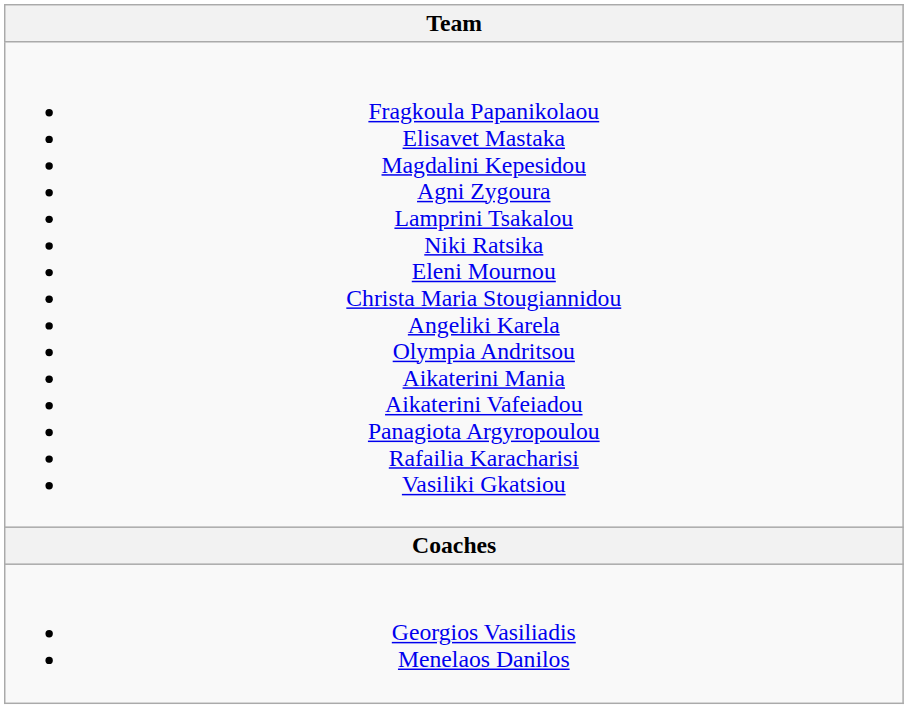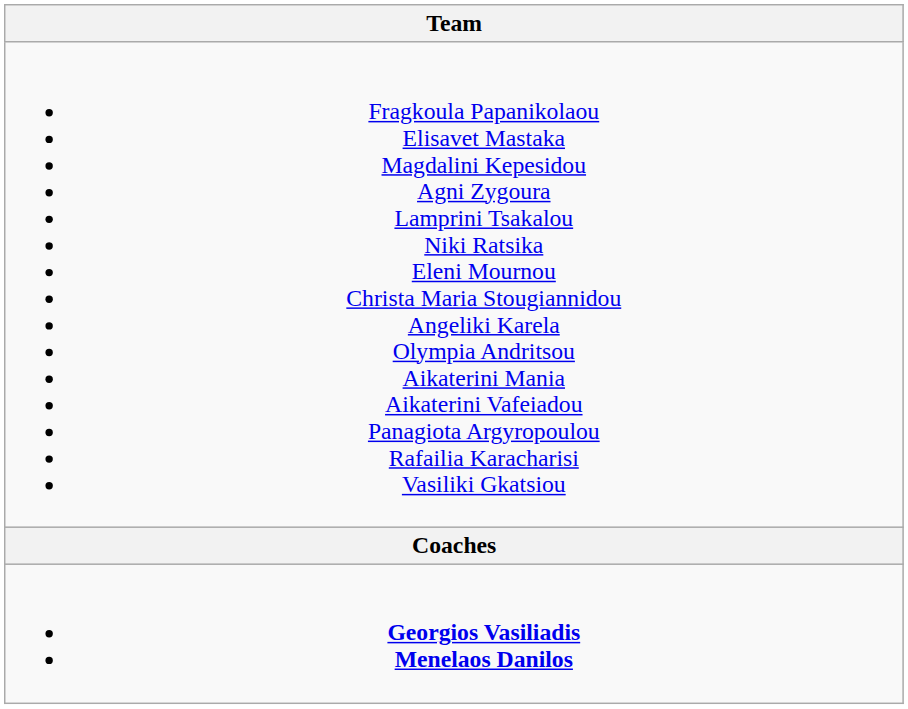 <table class="wikitable" style="text-align: center;">
 <tr>
 <th width=600>Team</th>
 </tr>
 <tr>
 <td><br><ul><li><a href='#'>Fragkoula Papanikolaou</a></li><li><a href='#'>Elisavet Mastaka</a></li><li><a href='#'>Magdalini Kepesidou</a></li><li><a href='#'>Agni Zygoura</a></li><li><a href='#'>Lamprini Tsakalou</a></li><li><a href='#'>Niki Ratsika</a></li><li><a href='#'>Eleni Mournou</a></li><li><a href='#'>Christa Maria Stougiannidou</a></li><li><a href='#'>Angeliki Karela</a></li><li><a href='#'>Olympia Andritsou</a></li><li><a href='#'>Aikaterini Mania</a></li><li><a href='#'>Aikaterini Vafeiadou</a></li><li><a href='#'>Panagiota Argyropoulou</a></li><li><a href='#'>Rafailia Karacharisi</a></li><li><a href='#'>Vasiliki Gkatsiou</a></li></ul></td>
 </tr>
 <tr>
 <th width=600>Coaches</th>
 </tr>
 <tr>
-<td><br><ul><li> <a href='#'>Georgios Vasiliadis</a></li><li> <a href='#'>Menelaos Danilos</a></li></ul></td>
+<td><strong><br><ul><li> <a href='#'>Georgios Vasiliadis</a></li><li> <a href='#'>Menelaos Danilos</a></li></ul></strong></td>
 </tr>
 </table>
